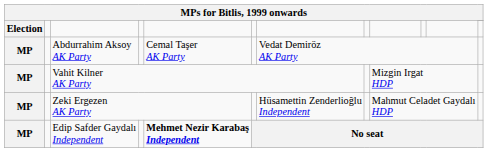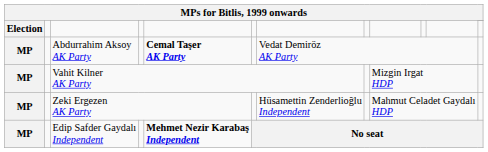 <table class="wikitable">
 <tr>
 <th colspan = 12>MPs for Bitlis, 1999 onwards</th>
 </tr>
 <tr>
 <th rowspan = 2>Election</th>
 <td rowspan="2" style="width:1px;"></td>
 <td rowspan = 2></td>
 <td rowspan="2" style="width:1px;"></td>
 <td rowspan = 2></td>
 <td rowspan="2" style="width:1px;"></td>
 <td rowspan = 2></td>
 <td rowspan="2" style="width:1px;"></td>
 <td rowspan = 2></td>
 <td rowspan="2" style="width:1px;"></td>
 <td rowspan = 2></td>
 </tr>
 <tr>
 <td></td>
 </tr>
 <tr>
 <th>MP</th>
 <td width=1px style="background-color: "></td>
 <td colspan = 1>Abdurrahim Aksoy<br><em><a href='#'>AK Party</a></em></td>
 <td width=1px style="background-color: "></td>
-<td colspan = 1>Cemal Taşer<br><em><a href='#'>AK Party</a></em></td>
+<td colspan = 1><strong>Cemal Taşer<br><em><a href='#'>AK Party</a></em></strong></td>
 <td width=1px style="background-color: "></td>
 <td colspan = 5>Vedat Demiröz<br><em><a href='#'>AK Party</a></em></td>
 <td width=1px style="background-color: "></td>
 </tr>
 <tr>
 <th>MP</th>
 <td width=1px style="background-color: "></td>
 <td colspan = 5>Vahit Kilner<br><em><a href='#'>AK Party</a></em></td>
 <td width=1px style="background-color: "></td>
 <td colspan = 3>Mizgin Irgat <br><em><a href='#'>HDP</a></em></td>
 <td width=1px style="background-color: "></td>
 </tr>
 <tr>
 <th>MP</th>
 <td width=1px style="background-color: "></td>
 <td colspan = 3>Zeki Ergezen<br><em><a href='#'>AK Party</a></em></td>
 <td width=1px style="background-color: "></td>
 <td colspan = 1>Hüsamettin Zenderlioğlu<br><em><a href='#'>Independent</a></em></td>
 <td width=1px style="background-color: "></td>
 <td colspan = 3>Mahmut Celadet Gaydalı<br><em><a href='#'>HDP</a></em></td>
 <td width=1px style="background-color: "></td>
 </tr>
 <tr>
 <th>MP</th>
 <td width=1px style="background-color: "></td>
 <td colspan = 1>Edip Safder Gaydalı<br><em><a href='#'>Independent</a></em></td>
 <td width=1px style="background-color: "></td>
 <td colspan = 1><strong>Mehmet Nezir Karabaş<br><em><a href='#'>Independent</a></em></strong></td>
 <th colspan = 7>No seat</th>
 </tr>
 </table>
